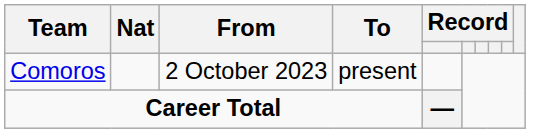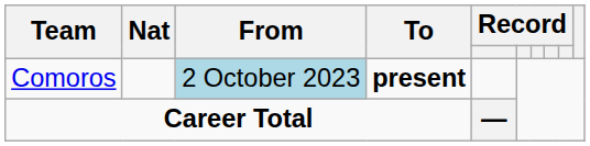 <table class="wikitable" style="text-align: center">
 <tr>
 <th rowspan="2">Team</th>
 <th rowspan="2">Nat</th>
 <th rowspan="2">From</th>
 <th rowspan="2">To</th>
 <th colspan="5">Record</th>
 <th rowspan=2></th>
 </tr>
 <tr>
 <th></th>
 <th></th>
 <th></th>
 <th></th>
 <th></th>
 </tr>
 <tr>
 <td align="left"><a href='#'>Comoros</a></td>
 <td align="center"></td>
-<td align="center">2 October 2023</td>
-<td align="center">present<br></td>
+<td align="center" style="background: lightblue;">2 October 2023</td>
+<td align="center"><strong>present<br></strong></td>
 <td></td>
 </tr>
 <tr>
 <td colspan=4><strong>Career Total</strong><br></td>
 <th>—</th>
 </tr>
 </table>
